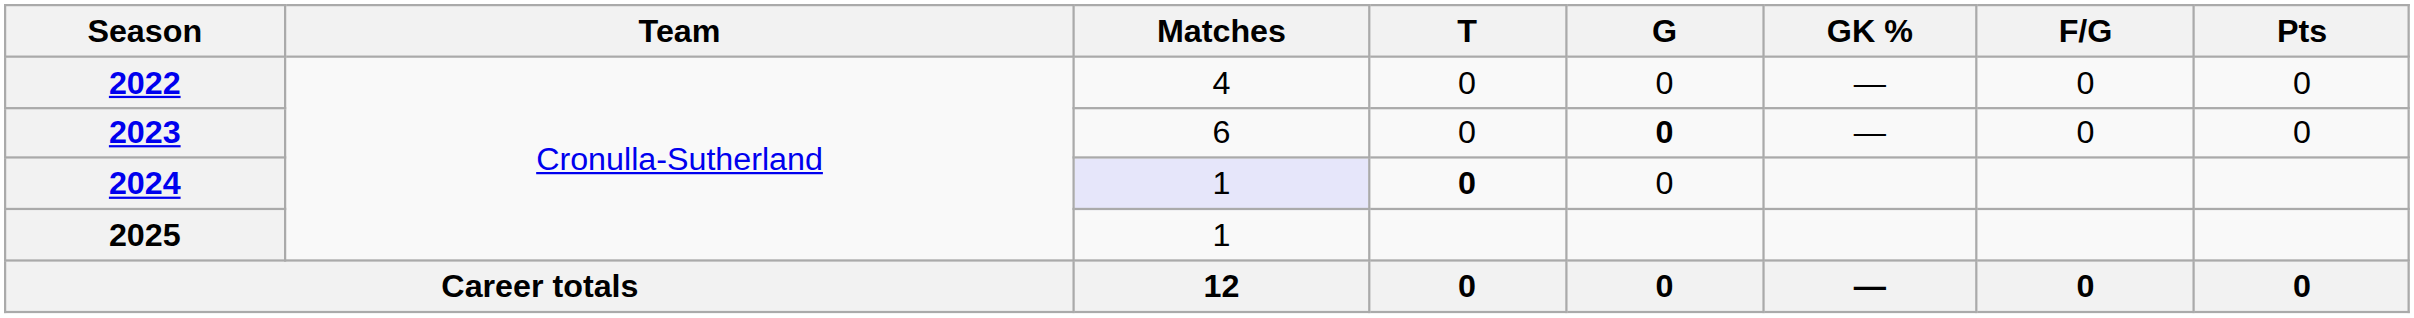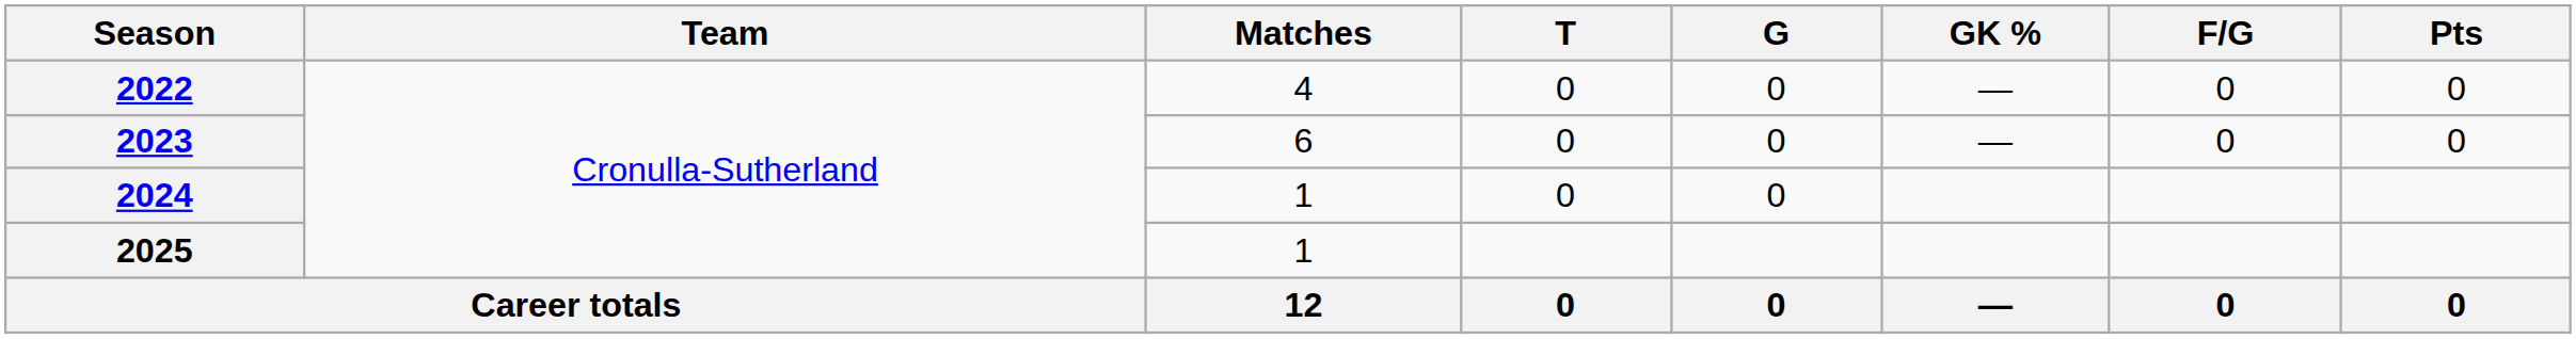 <table class="wikitable sortable"  style="font-size:90%; text-align:center; width:85%;">
 <tr>
 <th width=2%>Season</th>
 <th width=8%>Team</th>
 <th width=2%>Matches</th>
 <th width=2%>T</th>
 <th width=2%>G</th>
 <th width=2%>GK %</th>
 <th width=2%>F/G</th>
 <th width=2%>Pts</th>
 </tr>
 <tr>
 <th scope="row" style="text-align:center; font-weight:normal"><a href='#'><strong>2022</strong></a></th>
 <td rowspan="4" style="text-align:center;"> <a href='#'>Cronulla-Sutherland</a></td>
 <td>4</td>
 <td>0</td>
 <td>0</td>
 <td>—</td>
 <td>0</td>
 <td>0</td>
 </tr>
 <tr>
 <th><a href='#'>2023</a></th>
 <td>6</td>
 <td>0</td>
-<td><strong>0</strong></td>
+<td>0</td>
 <td>—</td>
 <td>0</td>
 <td>0</td>
 </tr>
 <tr>
 <th><a href='#'>2024</a></th>
-<td style="background: lavender;">1</td>
-<td><strong>0</strong></td>
+<td>1</td>
+<td>0</td>
 <td>0</td>
 <td></td>
 <td></td>
 <td></td>
 </tr>
 <tr>
 <th>2025</th>
 <td>1</td>
 <td></td>
 <td></td>
 <td></td>
 <td></td>
 <td></td>
 </tr>
 <tr class="sortbottom">
 <th colspan="2">Career totals</th>
 <th>12</th>
 <th>0</th>
 <th>0</th>
 <th>—</th>
 <th>0</th>
 <th>0</th>
 </tr>
 </table>
